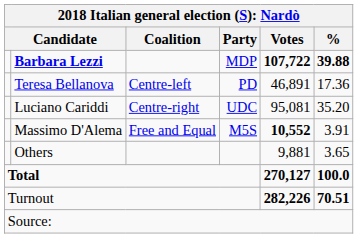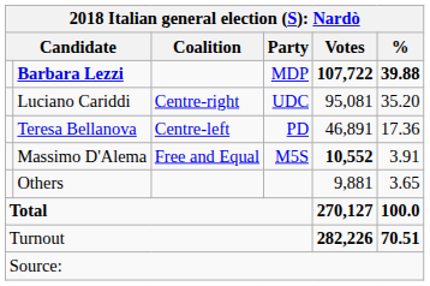 <table class=wikitable style=text-align:right>
 <tr>
 <th colspan=6>2018 Italian general election (<a href='#'>S</a>): <a href='#'>Nardò</a></th>
 </tr>
 <tr>
 <th colspan=2>Candidate</th>
 <th>Coalition</th>
 <th>Party</th>
 <th>Votes</th>
 <th>%</th>
 </tr>
 <tr>
 <td></td>
 <td align=left><strong><a href='#'>Barbara Lezzi</a></strong></td>
 <td align=left></td>
 <td><a href='#'>MDP</a></td>
 <td><strong>107,722</strong></td>
 <td><strong>39.88</strong></td>
 </tr>
 <tr>
 <td></td>
+<td align=left>Luciano Cariddi</td>
+<td align=left><a href='#'>Centre-right</a></td>
+<td><a href='#'>UDC</a></td>
+<td>95,081</td>
+<td>35.20</td>
+</tr>
+<tr>
+<td></td>
 <td align=left><a href='#'>Teresa Bellanova</a></td>
 <td align=left><a href='#'>Centre-left</a></td>
 <td><a href='#'>PD</a></td>
 <td>46,891</td>
 <td>17.36</td>
-</tr>
-<tr>
-<td></td>
-<td align=left>Luciano Cariddi</td>
-<td align=left><a href='#'>Centre-right</a></td>
-<td><a href='#'>UDC</a></td>
-<td>95,081</td>
-<td>35.20</td>
 </tr>
 <tr>
 <td></td>
 <td align=left>Massimo D'Alema</td>
 <td align=left><a href='#'>Free and Equal</a></td>
 <td><a href='#'>M5S</a></td>
 <td><strong>10,552</strong></td>
 <td>3.91</td>
 </tr>
 <tr>
 <td></td>
 <td align=left>Others</td>
 <td></td>
 <td></td>
 <td>9,881</td>
 <td>3.65</td>
 </tr>
 <tr>
 <td align=left colspan=4><strong>Total</strong></td>
 <td><strong>270,127</strong></td>
 <td><strong>100.0</strong></td>
 </tr>
 <tr>
 <td align=left colspan=4>Turnout</td>
 <td><strong>282,226</strong></td>
 <td><strong>70.51</strong></td>
 </tr>
 <tr>
 <td align=left colspan=6>Source: </td>
 </tr>
 </table>
